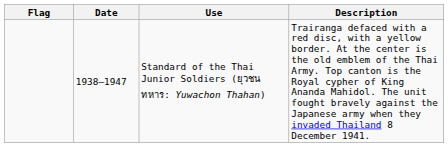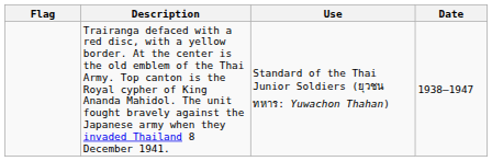 <table class="wikitable">
 <tr>
 <th width="110">Flag</th>
+<th width="250">Description</th>
+<th width="250">Use</th>
 <th width="100">Date</th>
-<th width="250">Use</th>
-<th width="250">Description</th>
 </tr>
 <tr>
 <td></td>
+<td>Trairanga defaced with a red disc, with a yellow border. At the center is the old emblem of the Thai Army. Top canton is the Royal cypher of King Ananda Mahidol. The unit fought bravely against the Japanese army when they <a href='#'>invaded Thailand</a> 8 December 1941.</td>
+<td>Standard of the Thai Junior Soldiers (ยุวชนทหาร: <em>Yuwachon Thahan</em>)</td>
 <td>1938–1947</td>
-<td>Standard of the Thai Junior Soldiers (ยุวชนทหาร: <em>Yuwachon Thahan</em>)</td>
-<td>Trairanga defaced with a red disc, with a yellow border. At the center is the old emblem of the Thai Army. Top canton is the Royal cypher of King Ananda Mahidol. The unit fought bravely against the Japanese army when they <a href='#'>invaded Thailand</a> 8 December 1941.</td>
 </tr>
 </table>
